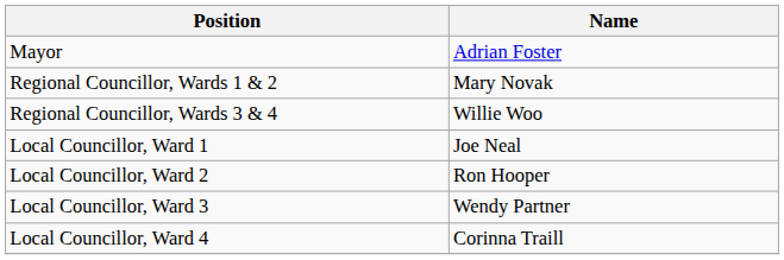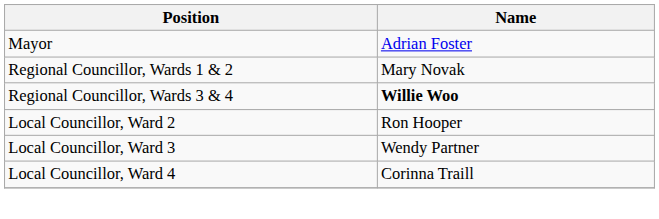 <table class="wikitable" style="width:50%;">
 <tr>
 <th bgcolor="#DDDDFF" width="50px">Position</th>
 <th bgcolor="#DDDDFF" width="50px">Name</th>
 </tr>
 <tr>
 <td>Mayor</td>
 <td><a href='#'>Adrian Foster</a></td>
 </tr>
 <tr>
 <td>Regional Councillor, Wards 1 & 2</td>
 <td>Mary Novak</td>
 </tr>
 <tr>
 <td>Regional Councillor, Wards 3 & 4</td>
-<td>Willie Woo</td>
-</tr>
-<tr>
-<td>Local Councillor, Ward 1</td>
-<td>Joe Neal</td>
+<td><strong>Willie Woo</strong></td>
 </tr>
 <tr>
 <td>Local Councillor, Ward 2</td>
 <td>Ron Hooper</td>
 </tr>
 <tr>
 <td>Local Councillor, Ward 3</td>
 <td>Wendy Partner</td>
 </tr>
 <tr>
 <td>Local Councillor, Ward 4</td>
 <td>Corinna Traill</td>
 </tr>
 <tr>
 </tr>
 </table>
